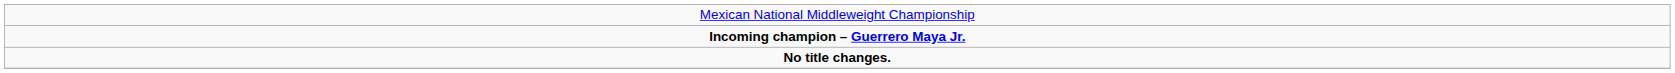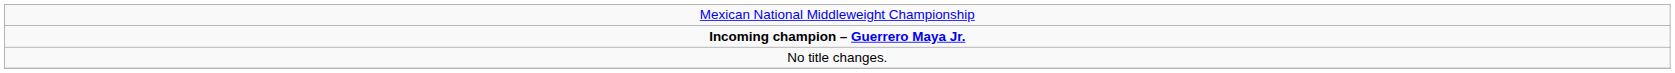 <table class="wikitable" style="text-align:center; width:100%;">
 <tr>
 <td colspan="4" style="text-align: center;"><a href='#'>Mexican National Middleweight Championship</a></td>
 </tr>
 <tr>
 <td colspan="4" style="text-align: center;"><strong>Incoming champion – <a href='#'>Guerrero Maya Jr.</a></strong></td>
 </tr>
 <tr>
-<td><strong>No title changes.</strong></td>
+<td>No title changes.</td>
 </tr>
 <tr>
 </tr>
 </table>
